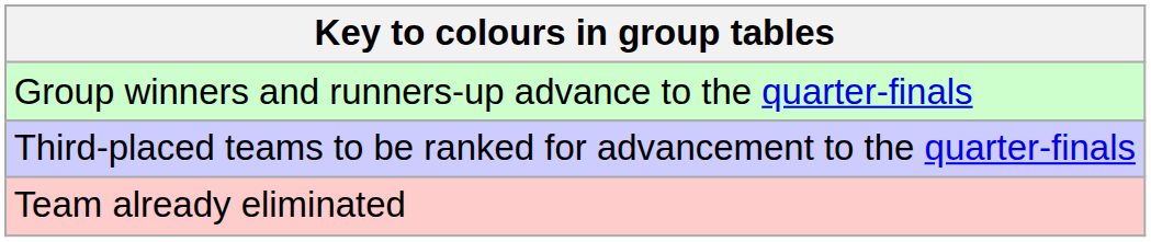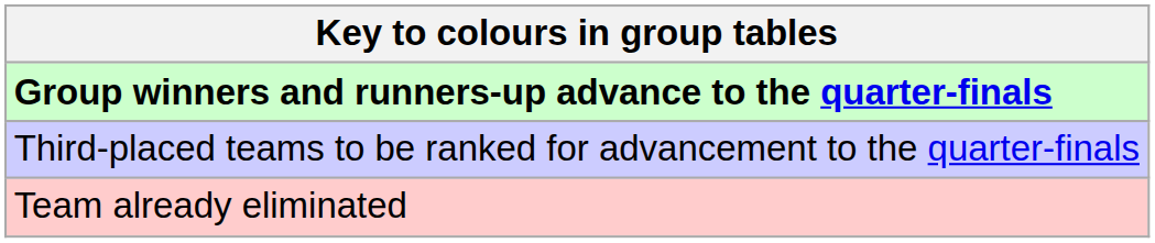 <table class="wikitable">
 <tr>
 <th>Key to colours in group tables</th>
 </tr>
 <tr bgcolor="#ccffcc">
-<td>Group winners and runners-up advance to the <a href='#'>quarter-finals</a></td>
+<td><strong>Group winners and runners-up advance to the <a href='#'>quarter-finals</a></strong></td>
 </tr>
 <tr bgcolor="#ccccff">
 <td>Third-placed teams to be ranked for advancement to the <a href='#'>quarter-finals</a></td>
 </tr>
 <tr bgcolor="#ffcccc">
 <td>Team already eliminated</td>
 </tr>
 </table>
